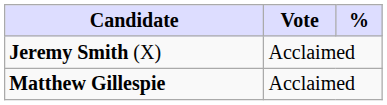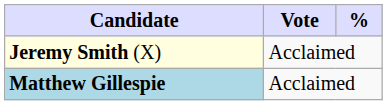 <table class="wikitable">
 <tr>
 <th style="background:#ddf; width:200px;">Candidate</th>
 <th style="background:#ddf; width:50px;">Vote</th>
 <th style="background:#ddf; width:30px;">%</th>
 </tr>
 <tr>
-<td><strong>Jeremy Smith</strong> (X)</td>
+<td style="background: lightyellow;"><strong>Jeremy Smith</strong> (X)</td>
 <td colspan="2">Acclaimed</td>
 </tr>
 <tr>
-<td><strong>Matthew Gillespie</strong></td>
+<td style="background: lightblue;"><strong>Matthew Gillespie</strong></td>
 <td colspan="2">Acclaimed</td>
 </tr>
 </table>
